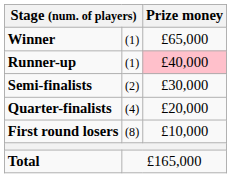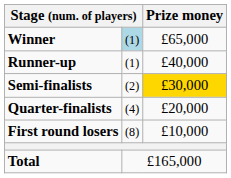 <table class="wikitable">
 <tr>
 <th colspan=2>Stage <small>(num. of players)</small></th>
 <th>Prize money</th>
 </tr>
 <tr>
 <td><strong>Winner</strong></td>
-<td align=center><small>(1)</small></td>
+<td align=center style="background: lightblue;"><small>(1)</small></td>
 <td align=center>£65,000</td>
 </tr>
 <tr>
 <td><strong>Runner-up</strong></td>
 <td align=center><small>(1)</small></td>
-<td align=center style="background: pink;">£40,000</td>
+<td align=center>£40,000</td>
 </tr>
 <tr>
 <td><strong>Semi-finalists</strong></td>
 <td align=center><small>(2)</small></td>
-<td align=center>£30,000</td>
+<td align=center style="background: gold;">£30,000</td>
 </tr>
 <tr>
 <td><strong>Quarter-finalists</strong></td>
 <td align=center><small>(4)</small></td>
 <td align=center>£20,000</td>
 </tr>
 <tr>
 <td><strong>First round losers</strong></td>
 <td align=center><small>(8)</small></td>
 <td align=center>£10,000</td>
 </tr>
 <tr>
 <th colspan=3></th>
 </tr>
 <tr>
 <td><strong>Total</strong></td>
 <td align=center colspan=2>£165,000</td>
 </tr>
 </table>
